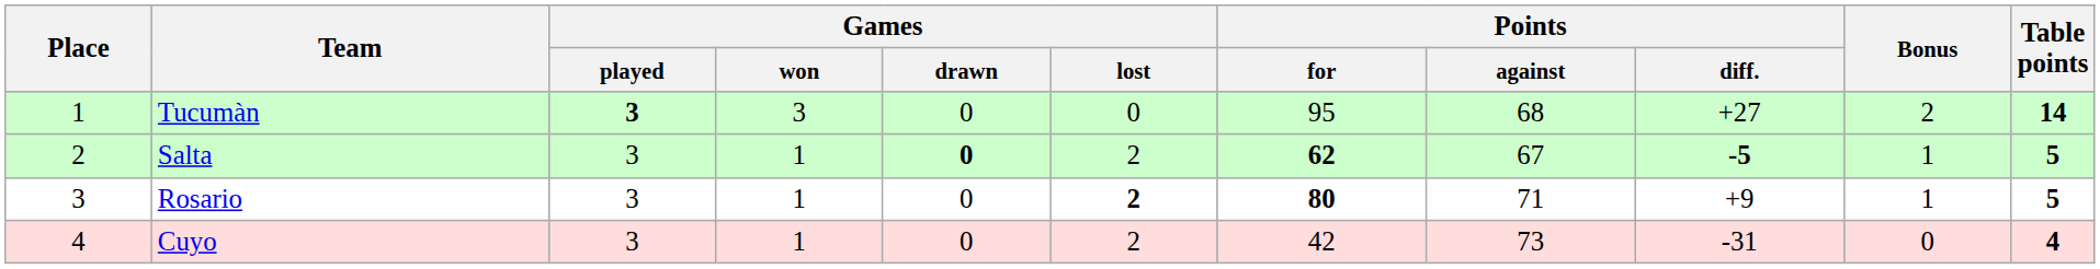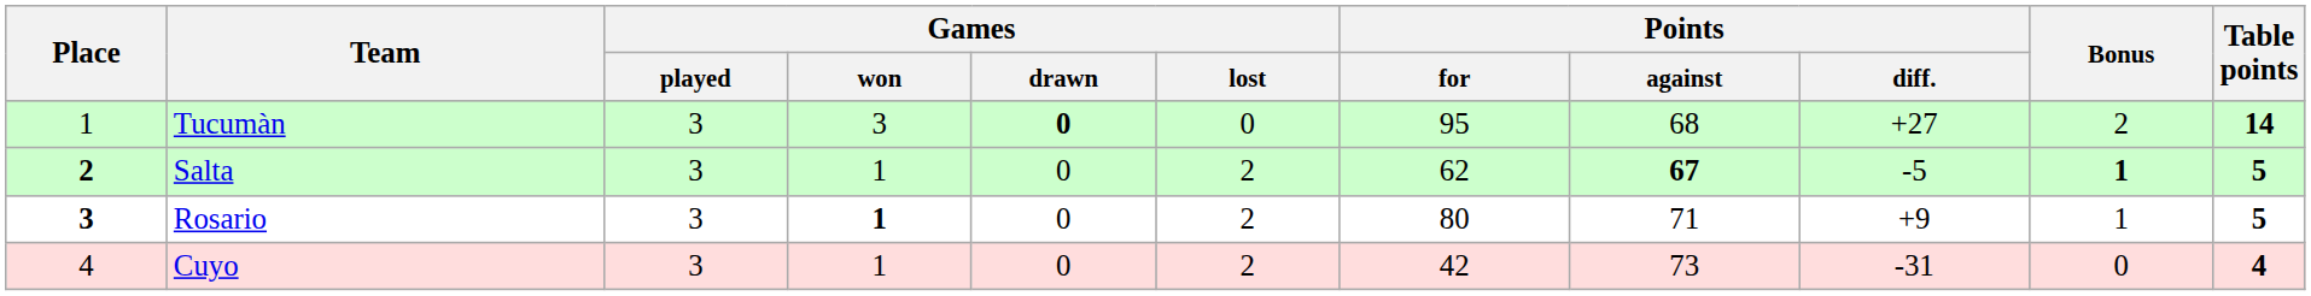 <table class="wikitable">
 <tr>
 <th rowspan=2 width="7%">Place</th>
 <th rowspan=2 width="19%">Team</th>
 <th colspan=4 width="30%">Games</th>
 <th colspan=3 width="26%">Points</th>
 <th rowspan=2 width="8%"><small> Bonus </small></th>
 <th rowspan=2 width="10%">Table<br>points</th>
 </tr>
 <tr>
 <th width="8%"><small>played </small></th>
 <th width="8%"><small>won </small></th>
 <th width="8%"><small>drawn </small></th>
 <th width="8%"><small>lost </small></th>
 <th width="10%"><small>for </small></th>
 <th width="10%"><small>against </small></th>
 <th width="10%"><small>diff.</small></th>
 </tr>
 <tr align=center style="background: #ccffcc;">
 <td>1</td>
 <td align=left><a href='#'>Tucumàn</a></td>
-<td><strong>3</strong></td>
 <td>3</td>
-<td>0</td>
+<td>3</td>
+<td><strong>0</strong></td>
 <td>0</td>
 <td>95</td>
 <td>68</td>
 <td>+27</td>
 <td>2</td>
 <td><strong>14</strong></td>
 </tr>
 <tr align=center style="background: #ccffcc;">
-<td>2</td>
+<td><strong>2</strong></td>
 <td align=left><a href='#'>Salta</a></td>
 <td>3</td>
 <td>1</td>
-<td><strong>0</strong></td>
+<td>0</td>
 <td>2</td>
-<td><strong>62</strong></td>
-<td>67</td>
-<td><strong>-5</strong></td>
-<td>1</td>
+<td>62</td>
+<td><strong>67</strong></td>
+<td>-5</td>
+<td><strong>1</strong></td>
 <td><strong>5</strong></td>
 </tr>
 <tr align=center style="background: #ffffff;">
-<td>3</td>
+<td><strong>3</strong></td>
 <td align=left><a href='#'>Rosario</a></td>
 <td>3</td>
-<td>1</td>
+<td><strong>1</strong></td>
 <td>0</td>
-<td><strong>2</strong></td>
-<td><strong>80</strong></td>
+<td>2</td>
+<td>80</td>
 <td>71</td>
 <td>+9</td>
 <td>1</td>
 <td><strong>5</strong></td>
 </tr>
 <tr align=center style="background: #ffdddd;">
 <td>4</td>
 <td align=left><a href='#'>Cuyo</a></td>
 <td>3</td>
 <td>1</td>
 <td>0</td>
 <td>2</td>
 <td>42</td>
 <td>73</td>
 <td>-31</td>
 <td>0</td>
 <td><strong>4</strong></td>
 </tr>
 </table>
